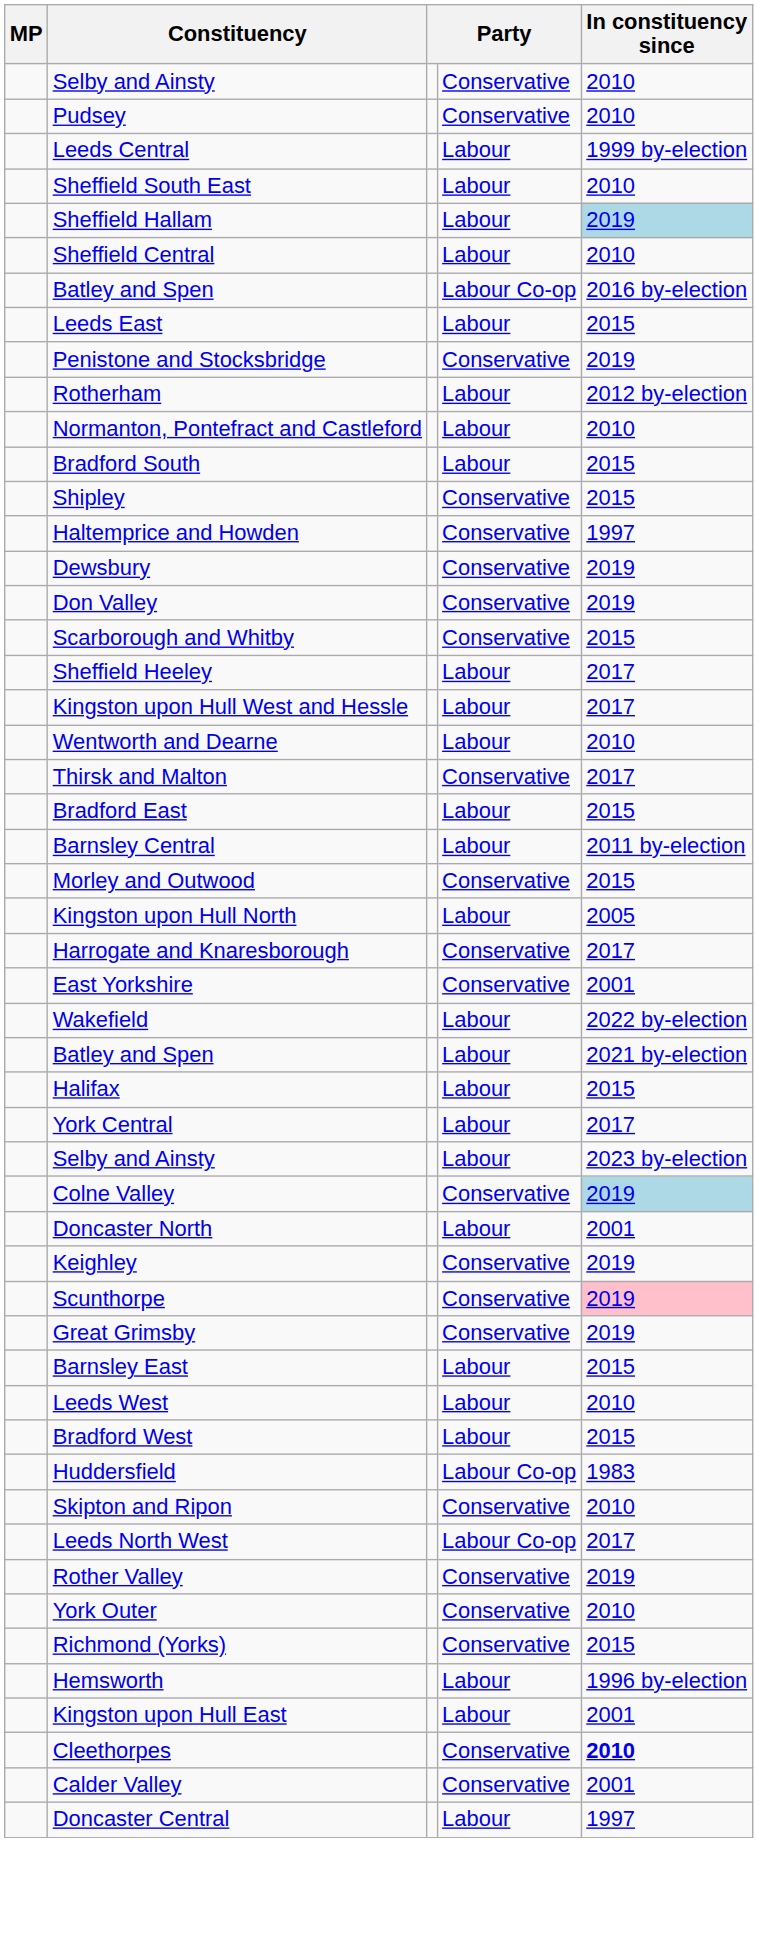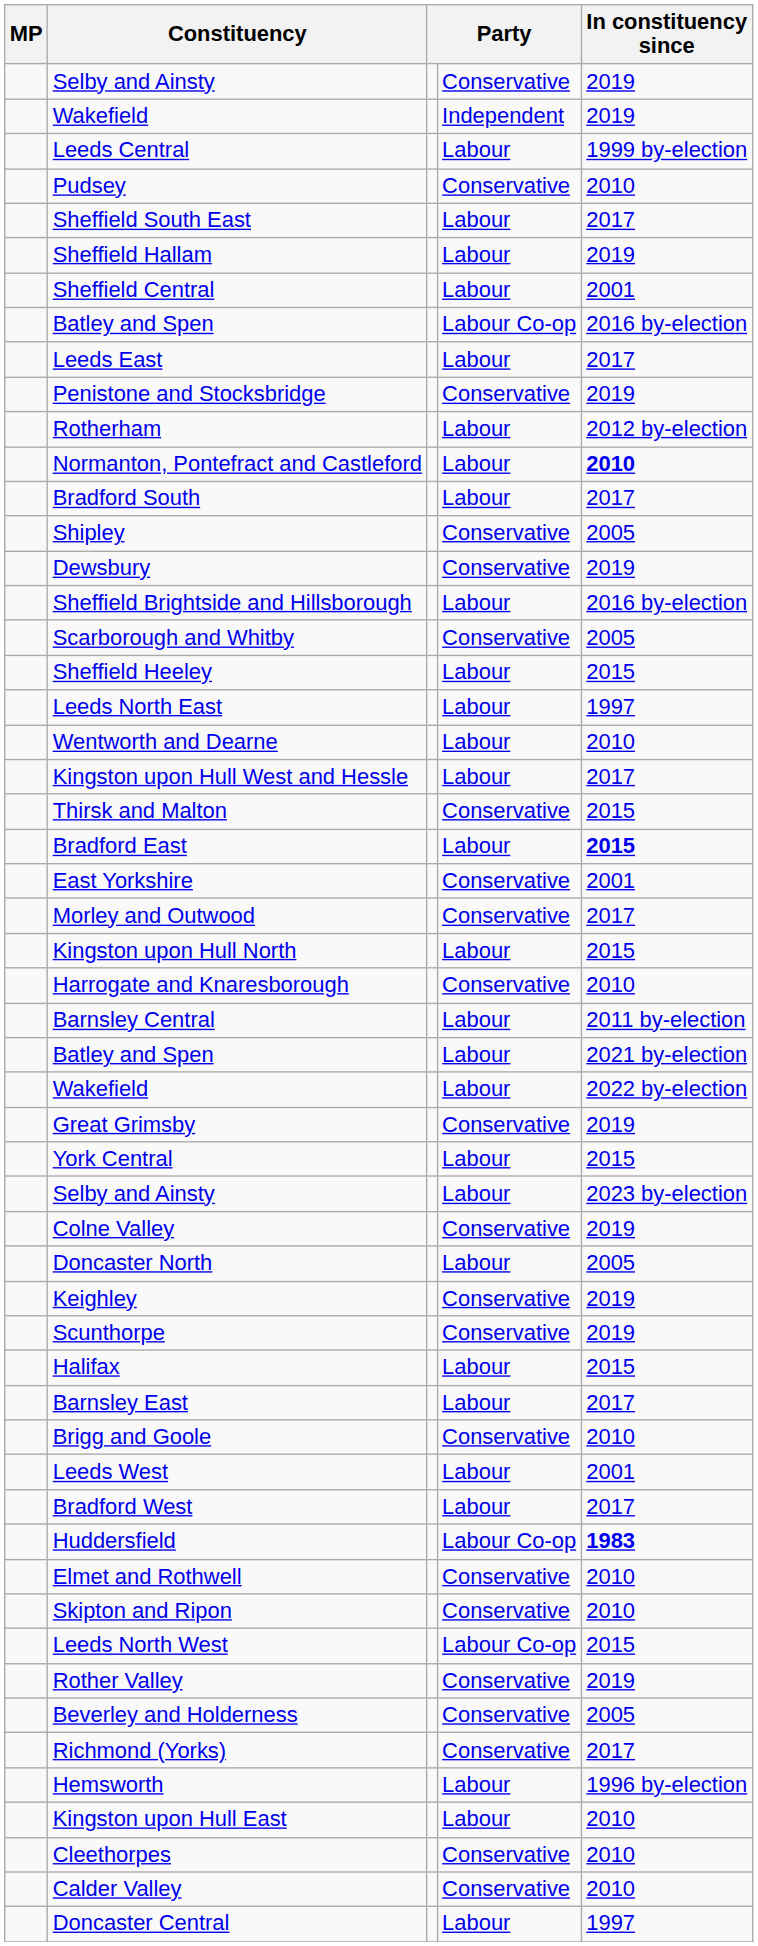 <table class="wikitable sortable">
 <tr>
 <th>MP</th>
 <th>Constituency</th>
 <th colspan="2">Party</th>
 <th>In constituency<br>since</th>
 </tr>
 <tr>
 <td><em></em></td>
 <td><a href='#'>Selby and Ainsty</a></td>
 <td style="color:inherit;background-color: "></td>
 <td><a href='#'>Conservative</a></td>
-<td><a href='#'>2010</a></td>
+<td><a href='#'>2019</a></td>
+</tr>
+<tr>
+<td><em></em></td>
+<td><a href='#'>Wakefield</a></td>
+<td style="color:inherit;background-color: "></td>
+<td><a href='#'>Independent</a></td>
+<td><a href='#'>2019</a></td>
+</tr>
+<tr>
+<td></td>
+<td><a href='#'>Leeds Central</a></td>
+<td style="color:inherit;background-color: "></td>
+<td><a href='#'>Labour</a></td>
+<td><a href='#'>1999 by-election</a></td>
 </tr>
 <tr>
 <td></td>
 <td><a href='#'>Pudsey</a></td>
 <td style="color:inherit;background-color: "></td>
 <td><a href='#'>Conservative</a></td>
 <td><a href='#'>2010</a></td>
 </tr>
 <tr>
 <td></td>
-<td><a href='#'>Leeds Central</a></td>
-<td style="color:inherit;background-color: "></td>
-<td><a href='#'>Labour</a></td>
-<td><a href='#'>1999 by-election</a></td>
-</tr>
-<tr>
-<td></td>
 <td><a href='#'>Sheffield South East</a></td>
 <td style="color:inherit;background-color: "></td>
 <td><a href='#'>Labour</a></td>
-<td><a href='#'>2010</a></td>
+<td><a href='#'>2017</a></td>
 </tr>
 <tr>
 <td></td>
 <td><a href='#'>Sheffield Hallam</a></td>
 <td style="color:inherit;background-color: "></td>
 <td><a href='#'>Labour</a></td>
-<td style="background: lightblue;"><a href='#'>2019</a></td>
+<td><a href='#'>2019</a></td>
 </tr>
 <tr>
 <td></td>
 <td><a href='#'>Sheffield Central</a></td>
 <td style="color:inherit;background-color: "></td>
 <td><a href='#'>Labour</a></td>
-<td><a href='#'>2010</a></td>
+<td><a href='#'>2001</a></td>
 </tr>
 <tr>
 <td><em></em></td>
 <td><a href='#'>Batley and Spen</a></td>
 <td style="color:inherit;background-color: "></td>
 <td><a href='#'>Labour Co-op</a></td>
 <td><a href='#'>2016 by-election</a></td>
 </tr>
 <tr>
 <td></td>
 <td><a href='#'>Leeds East</a></td>
 <td style="color:inherit;background-color: "></td>
 <td><a href='#'>Labour</a></td>
-<td><a href='#'>2015</a></td>
+<td><a href='#'>2017</a></td>
 </tr>
 <tr>
 <td></td>
 <td><a href='#'>Penistone and Stocksbridge</a></td>
 <td style="color:inherit;background-color: "></td>
 <td><a href='#'>Conservative</a></td>
 <td><a href='#'>2019</a></td>
 </tr>
 <tr>
 <td></td>
 <td><a href='#'>Rotherham</a></td>
 <td style="color:inherit;background-color: "></td>
 <td><a href='#'>Labour</a></td>
 <td><a href='#'>2012 by-election</a></td>
 </tr>
 <tr>
 <td></td>
 <td><a href='#'>Normanton, Pontefract and Castleford</a></td>
 <td style="color:inherit;background-color: "></td>
 <td><a href='#'>Labour</a></td>
-<td><a href='#'>2010</a></td>
+<td><strong><a href='#'>2010</a></strong></td>
 </tr>
 <tr>
 <td></td>
 <td><a href='#'>Bradford South</a></td>
 <td style="color:inherit;background-color: "></td>
 <td><a href='#'>Labour</a></td>
-<td><a href='#'>2015</a></td>
+<td><a href='#'>2017</a></td>
 </tr>
 <tr>
 <td></td>
 <td><a href='#'>Shipley</a></td>
 <td style="color:inherit;background-color: "></td>
 <td><a href='#'>Conservative</a></td>
-<td><a href='#'>2015</a></td>
-</tr>
-<tr>
-<td></td>
-<td><a href='#'>Haltemprice and Howden</a></td>
-<td style="color:inherit;background-color: "></td>
-<td><a href='#'>Conservative</a></td>
-<td><a href='#'>1997</a></td>
+<td><a href='#'>2005</a></td>
 </tr>
 <tr>
 <td></td>
 <td><a href='#'>Dewsbury</a></td>
 <td style="color:inherit;background-color: "></td>
 <td><a href='#'>Conservative</a></td>
 <td><a href='#'>2019</a></td>
 </tr>
 <tr>
 <td></td>
-<td><a href='#'>Don Valley</a></td>
+<td><a href='#'>Sheffield Brightside and Hillsborough</a></td>
 <td style="color:inherit;background-color: "></td>
-<td><a href='#'>Conservative</a></td>
-<td><a href='#'>2019</a></td>
+<td><a href='#'>Labour</a></td>
+<td><a href='#'>2016 by-election</a></td>
 </tr>
 <tr>
 <td></td>
 <td><a href='#'>Scarborough and Whitby</a></td>
 <td style="color:inherit;background-color: "></td>
 <td><a href='#'>Conservative</a></td>
-<td><a href='#'>2015</a></td>
+<td><a href='#'>2005</a></td>
 </tr>
 <tr>
 <td></td>
 <td><a href='#'>Sheffield Heeley</a></td>
 <td style="color:inherit;background-color: "></td>
 <td><a href='#'>Labour</a></td>
-<td><a href='#'>2017</a></td>
+<td><a href='#'>2015</a></td>
+</tr>
+<tr>
+<td></td>
+<td><a href='#'>Leeds North East</a></td>
+<td style="color:inherit;background-color: "></td>
+<td><a href='#'>Labour</a></td>
+<td><a href='#'>1997</a></td>
+</tr>
+<tr>
+<td></td>
+<td><a href='#'>Wentworth and Dearne</a></td>
+<td style="color:inherit;background-color: "></td>
+<td><a href='#'>Labour</a></td>
+<td><a href='#'>2010</a></td>
 </tr>
 <tr>
 <td></td>
 <td><a href='#'>Kingston upon Hull West and Hessle</a></td>
 <td style="color:inherit;background-color: "></td>
 <td><a href='#'>Labour</a></td>
 <td><a href='#'>2017</a></td>
 </tr>
 <tr>
 <td></td>
-<td><a href='#'>Wentworth and Dearne</a></td>
+<td><a href='#'>Thirsk and Malton</a></td>
 <td style="color:inherit;background-color: "></td>
-<td><a href='#'>Labour</a></td>
-<td><a href='#'>2010</a></td>
+<td><a href='#'>Conservative</a></td>
+<td><a href='#'>2015</a></td>
 </tr>
 <tr>
 <td></td>
-<td><a href='#'>Thirsk and Malton</a></td>
+<td><a href='#'>Bradford East</a></td>
+<td style="color:inherit;background-color: "></td>
+<td><a href='#'>Labour</a></td>
+<td><strong><a href='#'>2015</a></strong></td>
+</tr>
+<tr>
+<td></td>
+<td><a href='#'>East Yorkshire</a></td>
+<td style="color:inherit;background-color: "></td>
+<td><a href='#'>Conservative</a></td>
+<td><a href='#'>2001</a></td>
+</tr>
+<tr>
+<td></td>
+<td><a href='#'>Morley and Outwood</a></td>
 <td style="color:inherit;background-color: "></td>
 <td><a href='#'>Conservative</a></td>
 <td><a href='#'>2017</a></td>
 </tr>
 <tr>
 <td></td>
-<td><a href='#'>Bradford East</a></td>
+<td><a href='#'>Kingston upon Hull North</a></td>
 <td style="color:inherit;background-color: "></td>
 <td><a href='#'>Labour</a></td>
 <td><a href='#'>2015</a></td>
+</tr>
+<tr>
+<td></td>
+<td><a href='#'>Harrogate and Knaresborough</a></td>
+<td style="color:inherit;background-color: "></td>
+<td><a href='#'>Conservative</a></td>
+<td><a href='#'>2010</a></td>
 </tr>
 <tr>
 <td></td>
 <td><a href='#'>Barnsley Central</a></td>
 <td style="color:inherit;background-color: "></td>
 <td><a href='#'>Labour</a></td>
 <td><a href='#'>2011 by-election</a></td>
 </tr>
 <tr>
 <td></td>
-<td><a href='#'>Morley and Outwood</a></td>
-<td style="color:inherit;background-color: "></td>
-<td><a href='#'>Conservative</a></td>
-<td><a href='#'>2015</a></td>
-</tr>
-<tr>
-<td></td>
-<td><a href='#'>Kingston upon Hull North</a></td>
+<td><a href='#'>Batley and Spen</a></td>
 <td style="color:inherit;background-color: "></td>
 <td><a href='#'>Labour</a></td>
-<td><a href='#'>2005</a></td>
-</tr>
-<tr>
-<td></td>
-<td><a href='#'>Harrogate and Knaresborough</a></td>
-<td style="color:inherit;background-color: "></td>
-<td><a href='#'>Conservative</a></td>
-<td><a href='#'>2017</a></td>
-</tr>
-<tr>
-<td></td>
-<td><a href='#'>East Yorkshire</a></td>
-<td style="color:inherit;background-color: "></td>
-<td><a href='#'>Conservative</a></td>
-<td><a href='#'>2001</a></td>
+<td><a href='#'>2021 by-election</a></td>
 </tr>
 <tr>
 <td></td>
 <td><a href='#'>Wakefield</a></td>
 <td style="color:inherit;background-color: "></td>
 <td><a href='#'>Labour</a></td>
 <td><a href='#'>2022 by-election</a></td>
 </tr>
 <tr>
 <td></td>
-<td><a href='#'>Batley and Spen</a></td>
+<td><a href='#'>Great Grimsby</a></td>
 <td style="color:inherit;background-color: "></td>
-<td><a href='#'>Labour</a></td>
-<td><a href='#'>2021 by-election</a></td>
-</tr>
-<tr>
-<td></td>
-<td><a href='#'>Halifax</a></td>
-<td style="color:inherit;background-color: "></td>
-<td><a href='#'>Labour</a></td>
-<td><a href='#'>2015</a></td>
+<td><a href='#'>Conservative</a></td>
+<td><a href='#'>2019</a></td>
 </tr>
 <tr>
 <td></td>
 <td><a href='#'>York Central</a></td>
 <td style="color:inherit;background-color: "></td>
 <td><a href='#'>Labour</a></td>
-<td><a href='#'>2017</a></td>
+<td><a href='#'>2015</a></td>
 </tr>
 <tr>
 <td></td>
 <td><a href='#'>Selby and Ainsty</a></td>
 <td style="color:inherit;background-color: "></td>
 <td><a href='#'>Labour</a></td>
 <td><a href='#'>2023 by-election</a></td>
 </tr>
 <tr>
 <td></td>
 <td><a href='#'>Colne Valley</a></td>
 <td style="color:inherit;background-color: "></td>
 <td><a href='#'>Conservative</a></td>
-<td style="background: lightblue;"><a href='#'>2019</a></td>
+<td><a href='#'>2019</a></td>
 </tr>
 <tr>
 <td></td>
 <td><a href='#'>Doncaster North</a></td>
 <td style="color:inherit;background-color: "></td>
 <td><a href='#'>Labour</a></td>
-<td><a href='#'>2001</a></td>
+<td><a href='#'>2005</a></td>
 </tr>
 <tr>
 <td></td>
 <td><a href='#'>Keighley</a></td>
 <td style="color:inherit;background-color: "></td>
 <td><a href='#'>Conservative</a></td>
 <td><a href='#'>2019</a></td>
 </tr>
 <tr>
 <td></td>
 <td><a href='#'>Scunthorpe</a></td>
 <td style="color:inherit;background-color: "></td>
 <td><a href='#'>Conservative</a></td>
-<td style="background: pink;"><a href='#'>2019</a></td>
+<td><a href='#'>2019</a></td>
 </tr>
 <tr>
 <td></td>
-<td><a href='#'>Great Grimsby</a></td>
+<td><a href='#'>Halifax</a></td>
 <td style="color:inherit;background-color: "></td>
-<td><a href='#'>Conservative</a></td>
-<td><a href='#'>2019</a></td>
+<td><a href='#'>Labour</a></td>
+<td><a href='#'>2015</a></td>
 </tr>
 <tr>
 <td></td>
 <td><a href='#'>Barnsley East</a></td>
 <td style="color:inherit;background-color: "></td>
 <td><a href='#'>Labour</a></td>
-<td><a href='#'>2015</a></td>
+<td><a href='#'>2017</a></td>
+</tr>
+<tr>
+<td></td>
+<td><a href='#'>Brigg and Goole</a></td>
+<td style="color:inherit;background-color: "></td>
+<td><a href='#'>Conservative</a></td>
+<td><a href='#'>2010</a></td>
 </tr>
 <tr>
 <td></td>
 <td><a href='#'>Leeds West</a></td>
 <td style="color:inherit;background-color: "></td>
 <td><a href='#'>Labour</a></td>
-<td><a href='#'>2010</a></td>
+<td><a href='#'>2001</a></td>
 </tr>
 <tr>
 <td></td>
 <td><a href='#'>Bradford West</a></td>
 <td style="color:inherit;background-color: "></td>
 <td><a href='#'>Labour</a></td>
-<td><a href='#'>2015</a></td>
+<td><a href='#'>2017</a></td>
 </tr>
 <tr>
 <td></td>
 <td><a href='#'>Huddersfield</a></td>
 <td style="color:inherit;background-color: "></td>
 <td><a href='#'>Labour Co-op</a></td>
-<td><a href='#'>1983</a></td>
+<td><strong><a href='#'>1983</a></strong></td>
+</tr>
+<tr>
+<td></td>
+<td><a href='#'>Elmet and Rothwell</a></td>
+<td style="color:inherit;background-color: "></td>
+<td><a href='#'>Conservative</a></td>
+<td><a href='#'>2010</a></td>
 </tr>
 <tr>
 <td></td>
 <td><a href='#'>Skipton and Ripon</a></td>
 <td style="color:inherit;background-color: "></td>
 <td><a href='#'>Conservative</a></td>
 <td><a href='#'>2010</a></td>
 </tr>
 <tr>
 <td></td>
 <td><a href='#'>Leeds North West</a></td>
 <td style="color:inherit;background-color: "></td>
 <td><a href='#'>Labour Co-op</a></td>
-<td><a href='#'>2017</a></td>
+<td><a href='#'>2015</a></td>
 </tr>
 <tr>
 <td></td>
 <td><a href='#'>Rother Valley</a></td>
 <td style="color:inherit;background-color: "></td>
 <td><a href='#'>Conservative</a></td>
 <td><a href='#'>2019</a></td>
 </tr>
 <tr>
 <td></td>
-<td><a href='#'>York Outer</a></td>
+<td><a href='#'>Beverley and Holderness</a></td>
 <td style="color:inherit;background-color: "></td>
 <td><a href='#'>Conservative</a></td>
-<td><a href='#'>2010</a></td>
+<td><a href='#'>2005</a></td>
 </tr>
 <tr>
 <td></td>
 <td><a href='#'>Richmond (Yorks)</a></td>
 <td style="color:inherit;background-color: "></td>
 <td><a href='#'>Conservative</a></td>
-<td><a href='#'>2015</a></td>
+<td><a href='#'>2017</a></td>
 </tr>
 <tr>
 <td></td>
 <td><a href='#'>Hemsworth</a></td>
 <td style="color:inherit;background-color: "></td>
 <td><a href='#'>Labour</a></td>
 <td><a href='#'>1996 by-election</a></td>
 </tr>
 <tr>
 <td></td>
 <td><a href='#'>Kingston upon Hull East</a></td>
 <td style="color:inherit;background-color: "></td>
 <td><a href='#'>Labour</a></td>
-<td><a href='#'>2001</a></td>
+<td><a href='#'>2010</a></td>
 </tr>
 <tr>
 <td></td>
 <td><a href='#'>Cleethorpes</a></td>
 <td style="color:inherit;background-color: "></td>
 <td><a href='#'>Conservative</a></td>
-<td><strong><a href='#'>2010</a></strong></td>
+<td><a href='#'>2010</a></td>
 </tr>
 <tr>
 <td></td>
 <td><a href='#'>Calder Valley</a></td>
 <td style="color:inherit;background-color: "></td>
 <td><a href='#'>Conservative</a></td>
-<td><a href='#'>2001</a></td>
+<td><a href='#'>2010</a></td>
 </tr>
 <tr>
 <td></td>
 <td><a href='#'>Doncaster Central</a></td>
 <td style="color:inherit;background-color: "></td>
 <td><a href='#'>Labour</a></td>
 <td><a href='#'>1997</a></td>
 </tr>
 </table>
